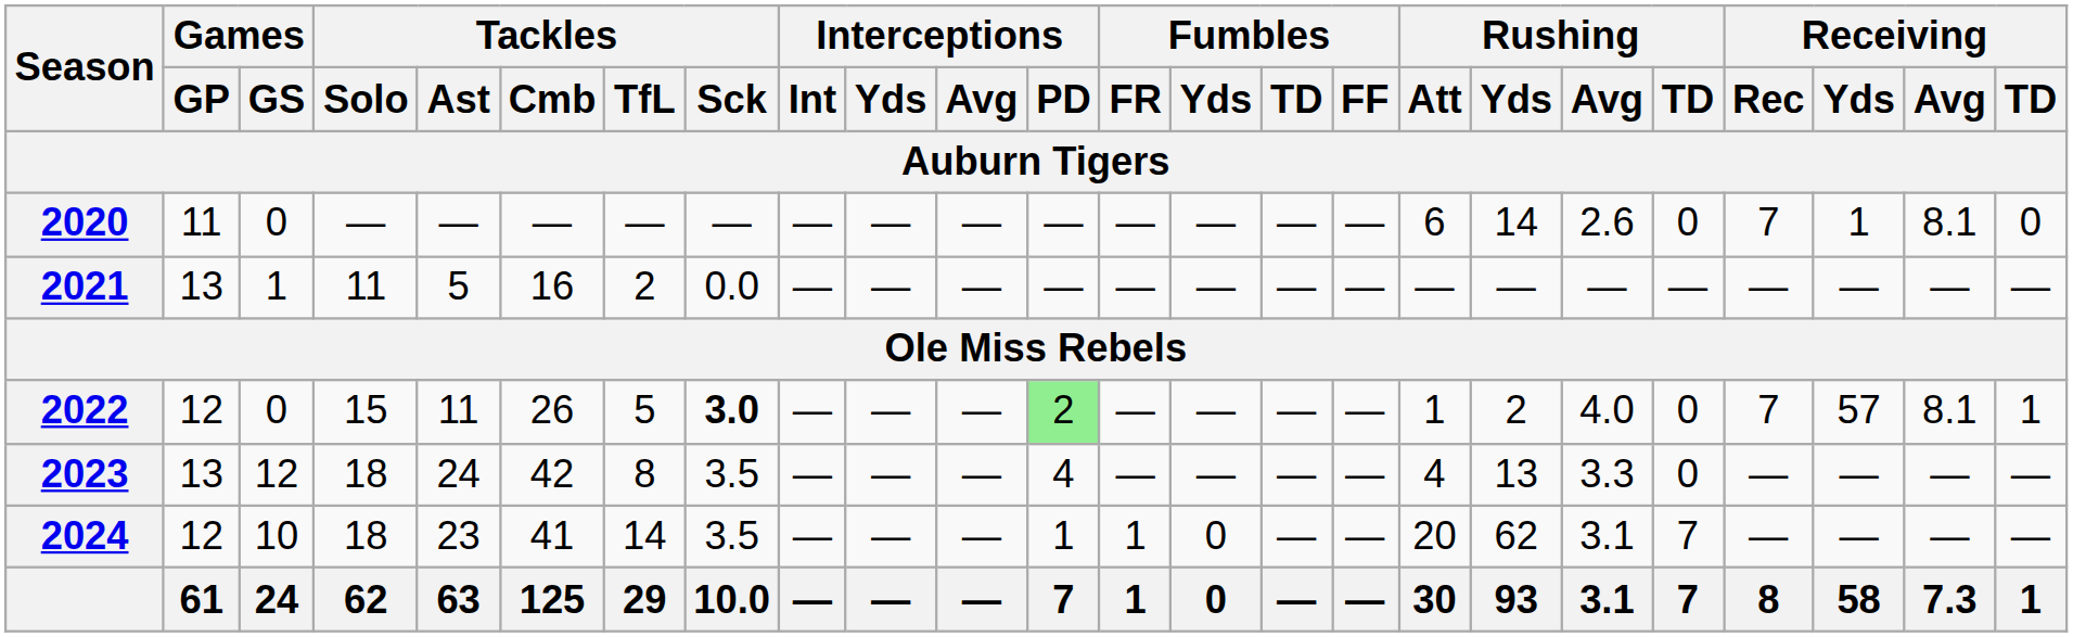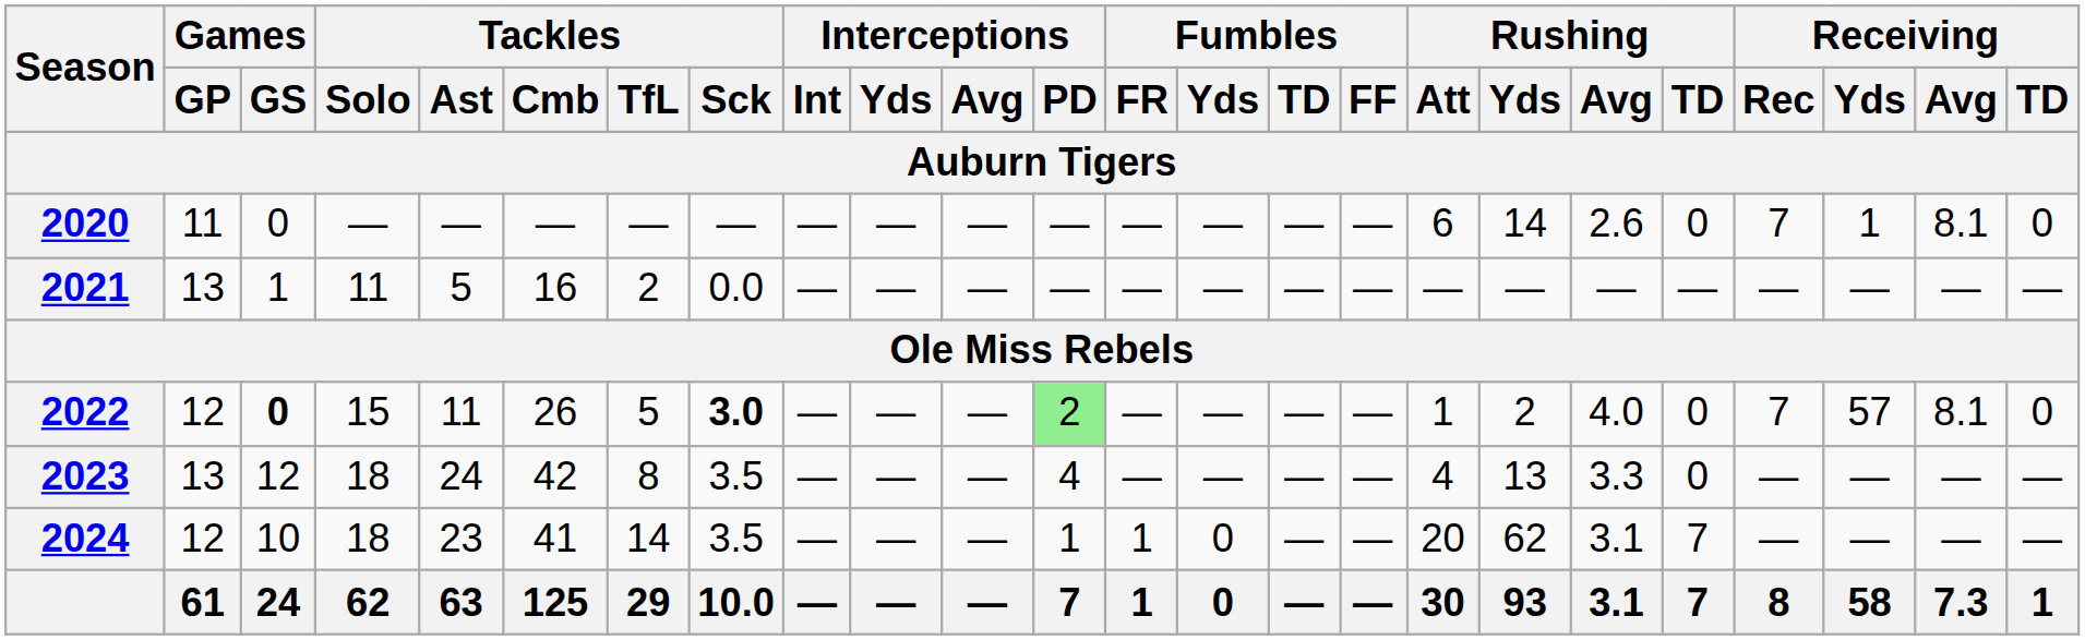 <table class="wikitable" style="text-align:center;">
 <tr>
 <th rowspan="2">Season</th>
 <th colspan="2">Games</th>
 <th colspan="5">Tackles</th>
 <th colspan="4">Interceptions</th>
 <th colspan="4">Fumbles</th>
 <th colspan="4">Rushing</th>
 <th colspan="4">Receiving</th>
 </tr>
 <tr>
 <th>GP</th>
 <th>GS</th>
 <th>Solo</th>
 <th>Ast</th>
 <th>Cmb</th>
 <th>TfL</th>
 <th>Sck</th>
 <th>Int</th>
 <th>Yds</th>
 <th>Avg</th>
 <th>PD</th>
 <th>FR</th>
 <th>Yds</th>
 <th>TD</th>
 <th>FF</th>
 <th>Att</th>
 <th>Yds</th>
 <th>Avg</th>
 <th>TD</th>
 <th>Rec</th>
 <th>Yds</th>
 <th>Avg</th>
 <th>TD</th>
 </tr>
 <tr>
 <th colspan="27"><strong>Auburn Tigers</strong></th>
 </tr>
 <tr>
 <th><a href='#'>2020</a></th>
 <td>11</td>
 <td>0</td>
 <td>—</td>
 <td>—</td>
 <td>—</td>
 <td>—</td>
 <td>—</td>
 <td>—</td>
 <td>—</td>
 <td>—</td>
 <td>—</td>
 <td>—</td>
 <td>—</td>
 <td>—</td>
 <td>—</td>
 <td>6</td>
 <td>14</td>
 <td>2.6</td>
 <td>0</td>
 <td>7</td>
 <td>1</td>
 <td>8.1</td>
 <td>0</td>
 </tr>
 <tr>
 <th><a href='#'>2021</a></th>
 <td>13</td>
 <td>1</td>
 <td>11</td>
 <td>5</td>
 <td>16</td>
 <td>2</td>
 <td>0.0</td>
 <td>—</td>
 <td>—</td>
 <td>—</td>
 <td>—</td>
 <td>—</td>
 <td>—</td>
 <td>—</td>
 <td>—</td>
 <td>—</td>
 <td>—</td>
 <td>—</td>
 <td>—</td>
 <td>—</td>
 <td>—</td>
 <td>—</td>
 <td>—</td>
 </tr>
 <tr>
 <th colspan="27"><strong>Ole Miss Rebels</strong></th>
 </tr>
 <tr>
 <th><a href='#'>2022</a></th>
 <td>12</td>
-<td>0</td>
+<td><strong>0</strong></td>
 <td>15</td>
 <td>11</td>
 <td>26</td>
 <td>5</td>
 <td><strong>3.0</strong></td>
 <td>—</td>
 <td>—</td>
 <td>—</td>
 <td style="background: lightgreen;">2</td>
 <td>—</td>
 <td>—</td>
 <td>—</td>
 <td>—</td>
 <td>1</td>
 <td>2</td>
 <td>4.0</td>
 <td>0</td>
 <td>7</td>
 <td>57</td>
 <td>8.1</td>
-<td>1</td>
+<td>0</td>
 </tr>
 <tr>
 <th><a href='#'>2023</a></th>
 <td>13</td>
 <td>12</td>
 <td>18</td>
 <td>24</td>
 <td>42</td>
 <td>8</td>
 <td>3.5</td>
 <td>—</td>
 <td>—</td>
 <td>—</td>
 <td>4</td>
 <td>—</td>
 <td>—</td>
 <td>—</td>
 <td>—</td>
 <td>4</td>
 <td>13</td>
 <td>3.3</td>
 <td>0</td>
 <td>—</td>
 <td>—</td>
 <td>—</td>
 <td>—</td>
 </tr>
 <tr>
 <th><a href='#'>2024</a></th>
 <td>12</td>
 <td>10</td>
 <td>18</td>
 <td>23</td>
 <td>41</td>
 <td>14</td>
 <td>3.5</td>
 <td>—</td>
 <td>—</td>
 <td>—</td>
 <td>1</td>
 <td>1</td>
 <td>0</td>
 <td>—</td>
 <td>—</td>
 <td>20</td>
 <td>62</td>
 <td>3.1</td>
 <td>7</td>
 <td>—</td>
 <td>—</td>
 <td>—</td>
 <td>—</td>
 </tr>
 <tr>
 <th></th>
 <th>61</th>
 <th>24</th>
 <th>62</th>
 <th>63</th>
 <th>125</th>
 <th>29</th>
 <th>10.0</th>
 <th>—</th>
 <th>—</th>
 <th>—</th>
 <th>7</th>
 <th>1</th>
 <th>0</th>
 <th>—</th>
 <th>—</th>
 <th>30</th>
 <th>93</th>
 <th>3.1</th>
 <th>7</th>
 <th>8</th>
 <th>58</th>
 <th>7.3</th>
 <th>1</th>
 </tr>
 </table>
